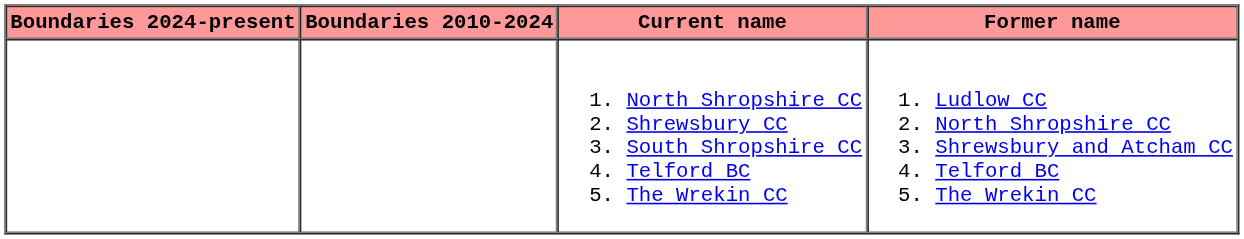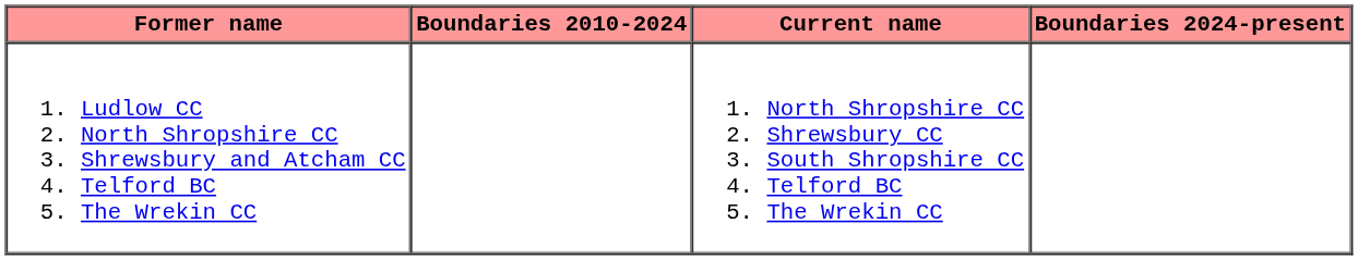 <table border="1" cellpadding="2" cellspacing="0">
 <tr bgcolor="#ff9999">
-<th>Boundaries 2024-present</th>
+<th>Former name</th>
 <th>Boundaries 2010-2024</th>
 <th>Current name</th>
-<th>Former name</th>
+<th>Boundaries 2024-present</th>
 </tr>
 <tr>
-<td></td>
+<td><br><ol><li><a href='#'>Ludlow CC</a></li><li><a href='#'>North Shropshire CC</a></li><li><a href='#'>Shrewsbury and Atcham CC</a></li><li><a href='#'>Telford BC</a></li><li><a href='#'>The Wrekin CC</a></li></ol></td>
 <td></td>
 <td><br><ol><li><a href='#'>North Shropshire CC</a></li><li><a href='#'>Shrewsbury CC</a></li><li><a href='#'>South Shropshire CC</a></li><li><a href='#'>Telford BC</a></li><li><a href='#'>The Wrekin CC</a></li></ol></td>
-<td><br><ol><li><a href='#'>Ludlow CC</a></li><li><a href='#'>North Shropshire CC</a></li><li><a href='#'>Shrewsbury and Atcham CC</a></li><li><a href='#'>Telford BC</a></li><li><a href='#'>The Wrekin CC</a></li></ol></td>
+<td></td>
 </tr>
 </table>
